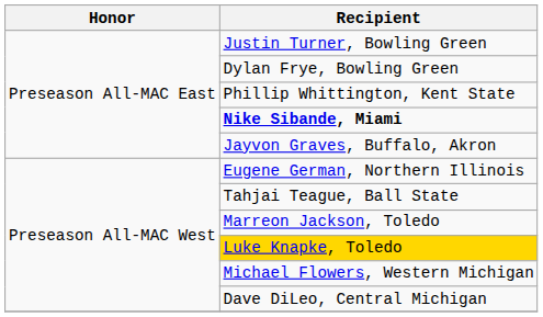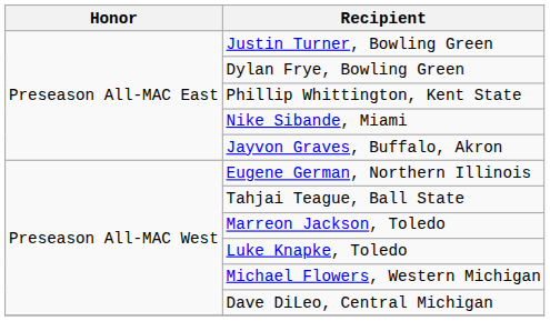 <table class="wikitable" border="1">
 <tr>
 <th>Honor</th>
 <th>Recipient</th>
 </tr>
 <tr>
 <td rowspan=5 valign=middle>Preseason All-MAC East</td>
 <td><a href='#'>Justin Turner</a>, Bowling Green</td>
 </tr>
 <tr>
 <td>Dylan Frye, Bowling Green</td>
 </tr>
 <tr>
 <td>Phillip Whittington, Kent State</td>
 </tr>
 <tr>
-<td><strong><a href='#'>Nike Sibande</a>, Miami</strong></td>
+<td><a href='#'>Nike Sibande</a>, Miami</td>
 </tr>
 <tr>
 <td><a href='#'>Jayvon Graves</a>, Buffalo, Akron</td>
 </tr>
 <tr>
 <td rowspan=6 valign=middle>Preseason All-MAC West</td>
 <td><a href='#'>Eugene German</a>, Northern Illinois</td>
 </tr>
 <tr>
 <td>Tahjai Teague, Ball State</td>
 </tr>
 <tr>
 <td><a href='#'>Marreon Jackson</a>, Toledo</td>
 </tr>
 <tr>
-<td style="background: gold;"><a href='#'>Luke Knapke</a>, Toledo</td>
+<td><a href='#'>Luke Knapke</a>, Toledo</td>
 </tr>
 <tr>
 <td><a href='#'>Michael Flowers</a>, Western Michigan</td>
 </tr>
 <tr>
 <td>Dave DiLeo, Central Michigan</td>
 </tr>
 <tr>
 </tr>
 </table>
